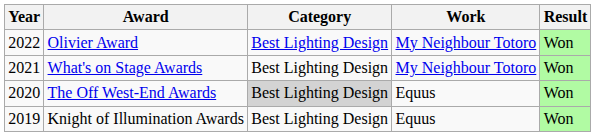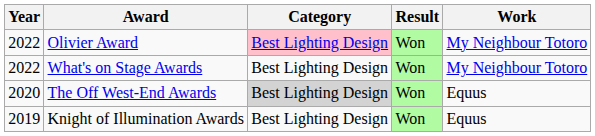 <table class="wikitable">
 <tr>
 <th>Year</th>
 <th>Award</th>
 <th>Category</th>
+<th>Result</th>
 <th>Work</th>
-<th>Result</th>
 </tr>
 <tr>
 <td>2022</td>
 <td><a href='#'>Olivier Award</a></td>
-<td><a href='#'>Best Lighting Design</a></td>
+<td style="background: pink;"><a href='#'>Best Lighting Design</a></td>
+<td style="background: #B1FBA3; colour: black;">Won</td>
 <td><a href='#'>My Neighbour Totoro</a></td>
-<td style="background: #B1FBA3; colour: black;">Won</td>
 </tr>
 <tr>
-<td>2021</td>
+<td>2022</td>
 <td><a href='#'>What's on Stage Awards</a></td>
 <td>Best Lighting Design</td>
+<td style="background: #B1FBA3; colour: black;">Won</td>
 <td><a href='#'>My Neighbour Totoro</a></td>
-<td style="background: #B1FBA3; colour: black;">Won</td>
 </tr>
 <tr>
 <td>2020</td>
 <td><a href='#'>The Off West-End Awards</a></td>
 <td style="background: lightgrey;">Best Lighting Design</td>
+<td style="background: #B1FBA3; colour: black;">Won</td>
 <td>Equus</td>
-<td style="background: #B1FBA3; colour: black;">Won</td>
 </tr>
 <tr>
 <td>2019</td>
 <td>Knight of Illumination Awards</td>
 <td>Best Lighting Design</td>
+<td style="background: #B1FBA3; colour: black;">Won</td>
 <td>Equus</td>
-<td style="background: #B1FBA3; colour: black;">Won</td>
 </tr>
 </table>
